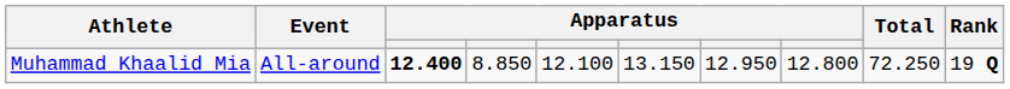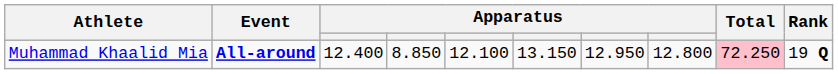 <table class="wikitable" style="font-size:90%; text-align:center">
 <tr>
 <th rowspan=2>Athlete</th>
 <th rowspan=2>Event</th>
 <th colspan=6>Apparatus</th>
 <th rowspan=2>Total</th>
 <th rowspan=2>Rank</th>
 </tr>
 <tr style="font-size:95%">
 <th></th>
 <th></th>
 <th></th>
 <th></th>
 <th></th>
 <th></th>
 </tr>
 <tr>
 <td align=left><a href='#'>Muhammad Khaalid Mia</a></td>
-<td align=left><a href='#'>All-around</a></td>
-<td><strong>12.400</strong></td>
+<td align=left><strong><a href='#'>All-around</a></strong></td>
+<td>12.400</td>
 <td>8.850</td>
 <td>12.100</td>
 <td>13.150</td>
 <td>12.950</td>
 <td>12.800</td>
-<td>72.250</td>
+<td style="background: pink;">72.250</td>
 <td>19 <strong>Q</strong></td>
 </tr>
 </table>
